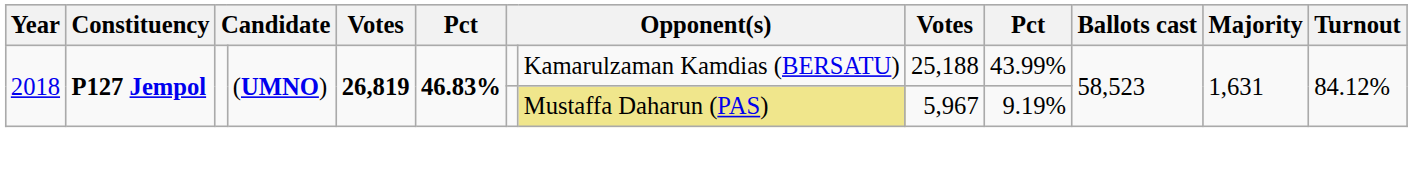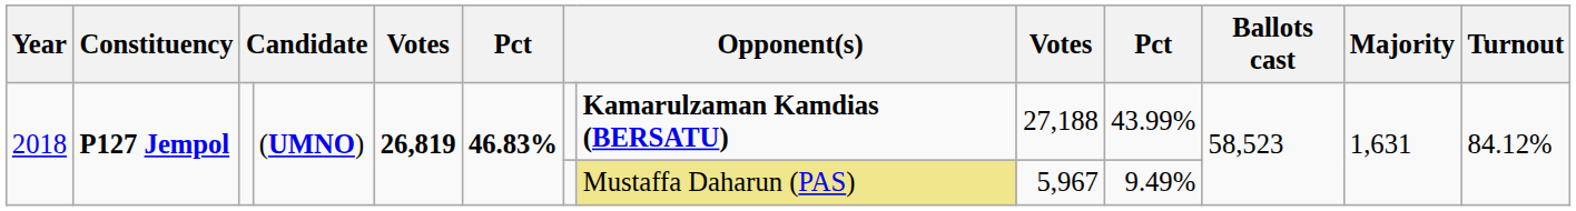 <table class="wikitable" style="margin:0.5em; font-size:95%;">
 <tr>
 <th>Year</th>
 <th>Constituency</th>
 <th colspan=2>Candidate</th>
 <th>Votes</th>
 <th>Pct</th>
 <th colspan=2>Opponent(s)</th>
 <th>Votes</th>
 <th>Pct</th>
 <th>Ballots cast</th>
 <th>Majority</th>
 <th>Turnout</th>
 </tr>
 <tr>
 <td rowspan="2"><a href='#'>2018</a></td>
 <td rowspan="2"><strong>P127 <a href='#'>Jempol</a></strong></td>
 <td rowspan=2 ></td>
 <td rowspan="2"> (<a href='#'><strong>UMNO</strong></a>)</td>
 <td rowspan=2 align="right"><strong>26,819</strong></td>
 <td rowspan="2"><strong>46.83%</strong></td>
 <td></td>
-<td>Kamarulzaman Kamdias (<a href='#'>BERSATU</a>)</td>
-<td align="right">25,188</td>
+<td><strong>Kamarulzaman Kamdias (<a href='#'>BERSATU</a>)</strong></td>
+<td align="right">27,188</td>
 <td>43.99%</td>
 <td rowspan="2">58,523</td>
 <td rowspan="2">1,631</td>
 <td rowspan="2">84.12%</td>
 </tr>
 <tr>
 <td></td>
 <td style="background: khaki;">Mustaffa Daharun (<a href='#'>PAS</a>)</td>
 <td align="right">5,967</td>
-<td align="right">9.19%</td>
+<td align="right">9.49%</td>
 </tr>
 </table>
